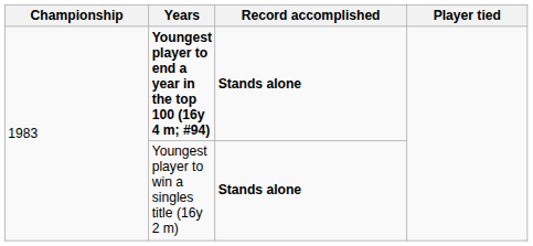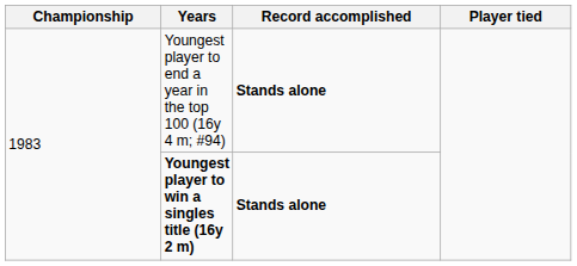 <table class=wikitable style=font-size:97%>
 <tr>
 <th width=200>Championship</th>
 <th width=70>Years</th>
 <th width=300>Record accomplished</th>
 <th width=200>Player tied</th>
 </tr>
 <tr>
 <td rowspan="2">1983</td>
-<td><strong>Youngest player to end a year in the top 100 (16y 4 m; #94)</strong></td>
+<td>Youngest player to end a year in the top 100 (16y 4 m; #94)</td>
 <td><strong>Stands alone</strong></td>
 </tr>
 <tr>
-<td>Youngest player to win a singles title (16y 2 m)</td>
+<td><strong>Youngest player to win a singles title (16y 2 m)</strong></td>
 <td><strong>Stands alone</strong></td>
 </tr>
 </table>
